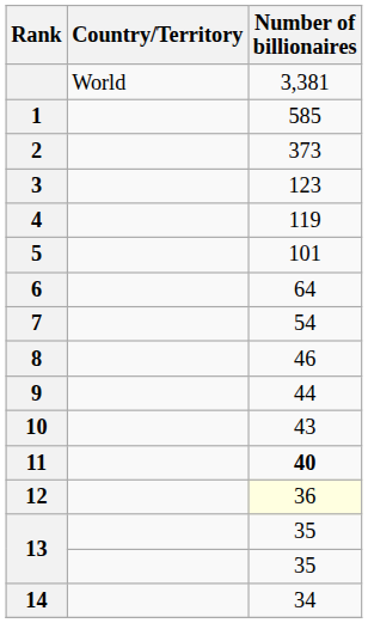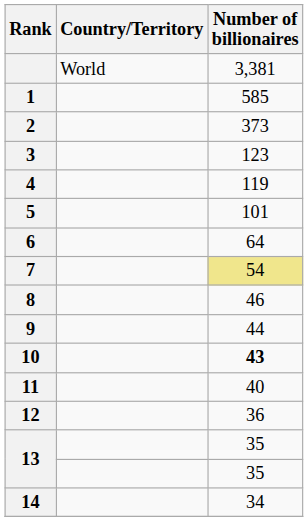 <table class="wikitable sortable" style="margin-left:auto; margin-right:auto; margin-top:0;">
 <tr>
 <th>Rank</th>
 <th>Country/Territory</th>
 <th data-sort-type=“number”>Number of<br>billionaires</th>
 </tr>
 <tr>
 <th></th>
 <td>World</td>
 <td align="center">3,381</td>
 </tr>
 <tr>
 <th>1</th>
 <td></td>
 <td align="center">585</td>
 </tr>
 <tr>
 <th>2</th>
 <td></td>
 <td align="center">373</td>
 </tr>
 <tr>
 <th>3</th>
 <td></td>
 <td align="center">123</td>
 </tr>
 <tr>
 <th>4</th>
 <td></td>
 <td align="center">119</td>
 </tr>
 <tr>
 <th>5</th>
 <td></td>
 <td align="center">101</td>
 </tr>
 <tr>
 <th>6</th>
 <td></td>
 <td align="center">64</td>
 </tr>
 <tr>
 <th>7</th>
 <td></td>
-<td align="center">54</td>
+<td align="center" style="background: khaki;">54</td>
 </tr>
 <tr>
 <th>8</th>
 <td></td>
 <td align="center">46</td>
 </tr>
 <tr>
 <th>9</th>
 <td></td>
 <td align="center">44</td>
 </tr>
 <tr>
 <th>10</th>
 <td></td>
-<td align="center">43</td>
+<td align="center"><strong>43</strong></td>
 </tr>
 <tr>
 <th>11</th>
 <td></td>
-<td align="center"><strong>40</strong></td>
+<td align="center">40</td>
 </tr>
 <tr>
 <th>12</th>
 <td></td>
-<td align="center" style="background: lightyellow;">36</td>
+<td align="center">36</td>
 </tr>
 <tr>
 <th rowspan=2>13</th>
 <td></td>
 <td align="center">35</td>
 </tr>
 <tr>
 <td></td>
 <td align="center">35</td>
 </tr>
 <tr>
 <th>14</th>
 <td></td>
 <td align="center">34</td>
 </tr>
 <tr>
 </tr>
 </table>
